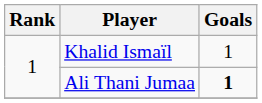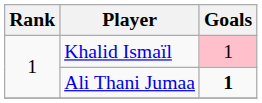 <table class="wikitable" style="text-align: left;">
 <tr>
 <th>Rank</th>
 <th>Player</th>
 <th>Goals</th>
 </tr>
 <tr>
 <td rowspan=2 align=center>1</td>
 <td><a href='#'>Khalid Ismaïl</a></td>
-<td align=center>1</td>
+<td align=center style="background: pink;">1</td>
 </tr>
 <tr>
 <td><a href='#'>Ali Thani Jumaa</a></td>
 <td align=center><strong>1</strong></td>
 </tr>
 <tr>
 </tr>
 </table>
